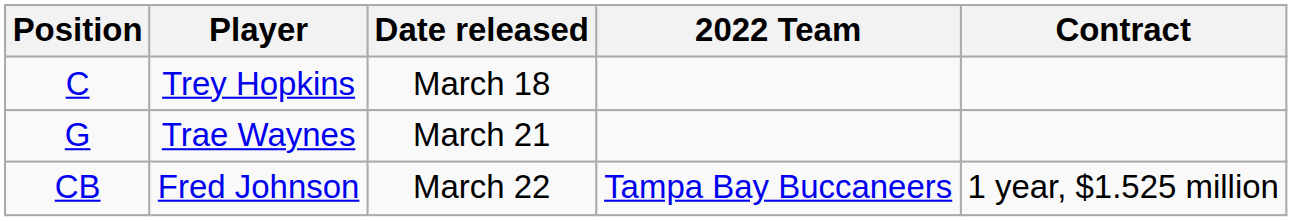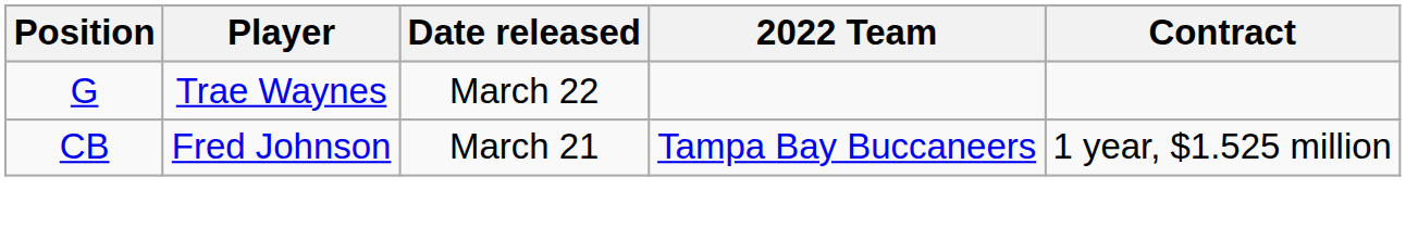 <table class="wikitable" style="text-align:center">
 <tr>
 <th>Position</th>
 <th>Player</th>
 <th>Date released</th>
 <th>2022 Team</th>
 <th>Contract</th>
 </tr>
 <tr>
-<td><a href='#'>C</a></td>
-<td><a href='#'>Trey Hopkins</a></td>
-<td>March 18</td>
-<td></td>
-<td></td>
-</tr>
-<tr>
 <td><a href='#'>G</a></td>
 <td><a href='#'>Trae Waynes</a></td>
-<td>March 21</td>
+<td>March 22</td>
 <td></td>
 <td></td>
 </tr>
 <tr>
 <td><a href='#'>CB</a></td>
 <td><a href='#'>Fred Johnson</a></td>
-<td>March 22</td>
+<td>March 21</td>
 <td><a href='#'>Tampa Bay Buccaneers</a></td>
 <td>1 year, $1.525 million</td>
 </tr>
 </table>
